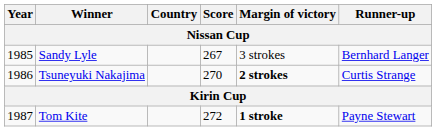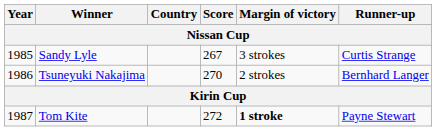 <table class="wikitable">
 <tr>
 <th>Year</th>
 <th>Winner</th>
 <th>Country</th>
 <th>Score</th>
 <th>Margin of victory</th>
 <th>Runner-up</th>
 </tr>
 <tr>
 <th colspan=6>Nissan Cup</th>
 </tr>
 <tr>
 <td>1985</td>
 <td><a href='#'>Sandy Lyle</a></td>
 <td></td>
 <td>267</td>
 <td>3 strokes</td>
-<td>  <a href='#'>Bernhard Langer</a></td>
+<td> <a href='#'>Curtis Strange</a></td>
 </tr>
 <tr>
 <td>1986</td>
 <td><a href='#'>Tsuneyuki Nakajima</a></td>
 <td></td>
 <td>270</td>
-<td><strong>2 strokes</strong></td>
-<td> <a href='#'>Curtis Strange</a></td>
+<td>2 strokes</td>
+<td>  <a href='#'>Bernhard Langer</a></td>
 </tr>
 <tr>
 <th colspan=6>Kirin Cup</th>
 </tr>
 <tr>
 <td>1987</td>
 <td><a href='#'>Tom Kite</a></td>
 <td></td>
 <td>272</td>
 <td><strong>1 stroke</strong></td>
 <td> <a href='#'>Payne Stewart</a></td>
 </tr>
 </table>
